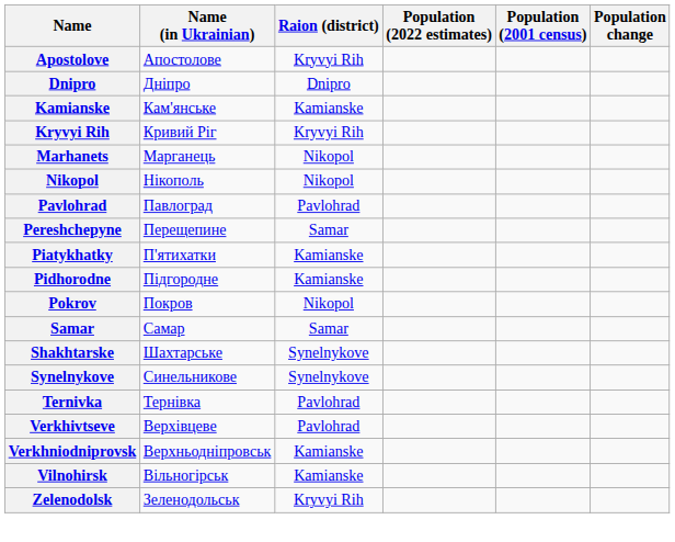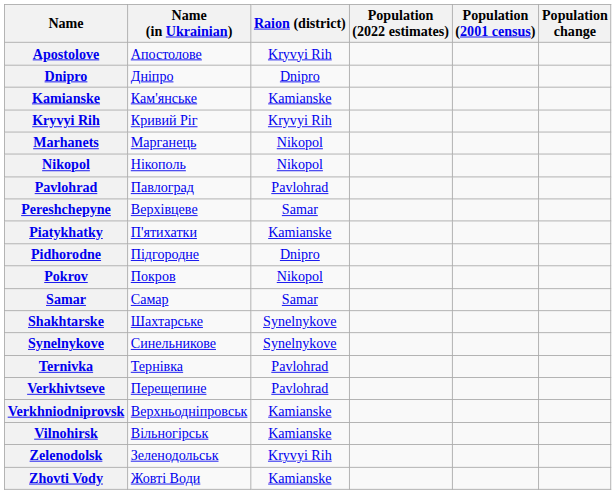 <table class="wikitable sortable" id="Table of cities" caption="Tabulated list of cities in ">
 <tr>
 <th scope="col">Name</th>
 <th scope="col">Name<br>(in <a href='#'>Ukrainian</a>)</th>
 <th scope="col"><a href='#'>Raion</a> (district)</th>
 <th scope="col">Population<br>(2022 estimates)</th>
 <th scope="col">Population<br>(<a href='#'>2001 census</a>)</th>
 <th scope="col">Population<br>change</th>
 </tr>
 <tr>
 <th scope="row" align="left"><a href='#'>Apostolove</a></th>
 <td><a href='#'>Апостолове</a></td>
 <td align=center><a href='#'>Kryvyi Rih</a></td>
 <td align=right></td>
 <td align=right></td>
 <td align=right></td>
 </tr>
 <tr>
 <th scope="row" align="left"><a href='#'>Dnipro</a></th>
 <td><a href='#'>Дніпро</a></td>
 <td align=center><a href='#'>Dnipro</a></td>
 <td align=right></td>
 <td align=right></td>
 <td align=right></td>
 </tr>
 <tr>
 <th scope="row" align="left"><a href='#'>Kamianske</a></th>
 <td><a href='#'>Кам'янське</a></td>
 <td align=center><a href='#'>Kamianske</a></td>
 <td align=right></td>
 <td align=right></td>
 <td align=right></td>
 </tr>
 <tr>
 <th scope="row" align="left"><a href='#'>Kryvyi Rih</a></th>
 <td><a href='#'>Кривий Ріг</a></td>
 <td align=center><a href='#'>Kryvyi Rih</a></td>
 <td align=right></td>
 <td align=right></td>
 <td align=right></td>
 </tr>
 <tr>
 <th scope="row" align="left"><a href='#'>Marhanets</a></th>
 <td><a href='#'>Марганець</a></td>
 <td align=center><a href='#'>Nikopol</a></td>
 <td align=right></td>
 <td align=right></td>
 <td align=right></td>
 </tr>
 <tr>
 <th scope="row" align="left"><a href='#'>Nikopol</a></th>
 <td><a href='#'>Нікополь</a></td>
 <td align=center><a href='#'>Nikopol</a></td>
 <td align=right></td>
 <td align=right></td>
 <td align=right></td>
 </tr>
 <tr>
 <th scope="row" align="left"><a href='#'>Pavlohrad</a></th>
 <td><a href='#'>Павлоград</a></td>
 <td align=center><a href='#'>Pavlohrad</a></td>
 <td align=right></td>
 <td align=right></td>
 <td align=right></td>
 </tr>
 <tr>
 <th scope="row" align="left"><a href='#'>Pereshchepyne</a></th>
-<td><a href='#'>Перещепине</a></td>
+<td><a href='#'>Верхівцеве</a></td>
 <td align=center><a href='#'>Samar</a></td>
 <td align=right></td>
 <td align=right></td>
 <td align=right></td>
 </tr>
 <tr>
 <th scope="row" align="left"><a href='#'>Piatykhatky</a></th>
 <td><a href='#'>П'ятихатки</a></td>
 <td align=center><a href='#'>Kamianske</a></td>
 <td align=right></td>
 <td align=right></td>
 <td align=right></td>
 </tr>
 <tr>
 <th scope="row" align="left"><a href='#'>Pidhorodne</a></th>
 <td><a href='#'>Підгородне</a></td>
-<td align=center><a href='#'>Kamianske</a></td>
+<td align=center><a href='#'>Dnipro</a></td>
 <td align=right></td>
 <td align=right></td>
 <td align=right></td>
 </tr>
 <tr>
 <th scope="row" align="left"><a href='#'>Pokrov</a></th>
 <td><a href='#'>Покров</a></td>
 <td align=center><a href='#'>Nikopol</a></td>
 <td align=right></td>
 <td align=right></td>
 <td align=right></td>
 </tr>
 <tr>
 <th scope="row" align="left"><a href='#'>Samar</a></th>
 <td><a href='#'>Самар</a></td>
 <td align=center><a href='#'>Samar</a></td>
 <td align=right></td>
 <td align=right></td>
 <td align=right></td>
 </tr>
 <tr>
 <th scope="row" align="left"><a href='#'>Shakhtarske</a></th>
 <td><a href='#'>Шахтарське</a></td>
 <td align=center><a href='#'>Synelnykove</a></td>
 <td align=right></td>
 <td align=right></td>
 <td align=right></td>
 </tr>
 <tr>
 <th scope="row" align="left"><a href='#'>Synelnykove</a></th>
 <td><a href='#'>Синельникове</a></td>
 <td align=center><a href='#'>Synelnykove</a></td>
 <td align=right></td>
 <td align=right></td>
 <td align=right></td>
 </tr>
 <tr>
 <th scope="row" align="left"><a href='#'>Ternivka</a></th>
 <td><a href='#'>Тернівка</a></td>
 <td align=center><a href='#'>Pavlohrad</a></td>
 <td align=right></td>
 <td align=right></td>
 <td align=right></td>
 </tr>
 <tr>
 <th scope="row" align="left"><a href='#'>Verkhivtseve</a></th>
-<td><a href='#'>Верхівцеве</a></td>
+<td><a href='#'>Перещепине</a></td>
 <td align=center><a href='#'>Pavlohrad</a></td>
 <td align=right></td>
 <td align=right></td>
 <td align=right></td>
 </tr>
 <tr>
 <th scope="row" align="left"><a href='#'>Verkhniodniprovsk</a></th>
 <td><a href='#'>Верхньодніпровськ</a></td>
 <td align=center><a href='#'>Kamianske</a></td>
 <td align=right></td>
 <td align=right></td>
 <td align=right></td>
 </tr>
 <tr>
 <th scope="row" align="left"><a href='#'>Vilnohirsk</a></th>
 <td><a href='#'>Вільногірськ</a></td>
 <td align=center><a href='#'>Kamianske</a></td>
 <td align=right></td>
 <td align=right></td>
 <td align=right></td>
 </tr>
 <tr>
 <th scope="row" align="left"><a href='#'>Zelenodolsk</a></th>
 <td><a href='#'>Зеленодольськ</a></td>
 <td align=center><a href='#'>Kryvyi Rih</a></td>
 <td align=right></td>
 <td align=right></td>
 <td align=right></td>
 </tr>
+<tr>
+<th scope="row" align="left"><a href='#'>Zhovti Vody</a></th>
+<td><a href='#'>Жовті Води</a></td>
+<td align=center><a href='#'>Kamianske</a></td>
+<td align=right></td>
+<td align=right></td>
+<td align=right></td>
+</tr>
 </table>
